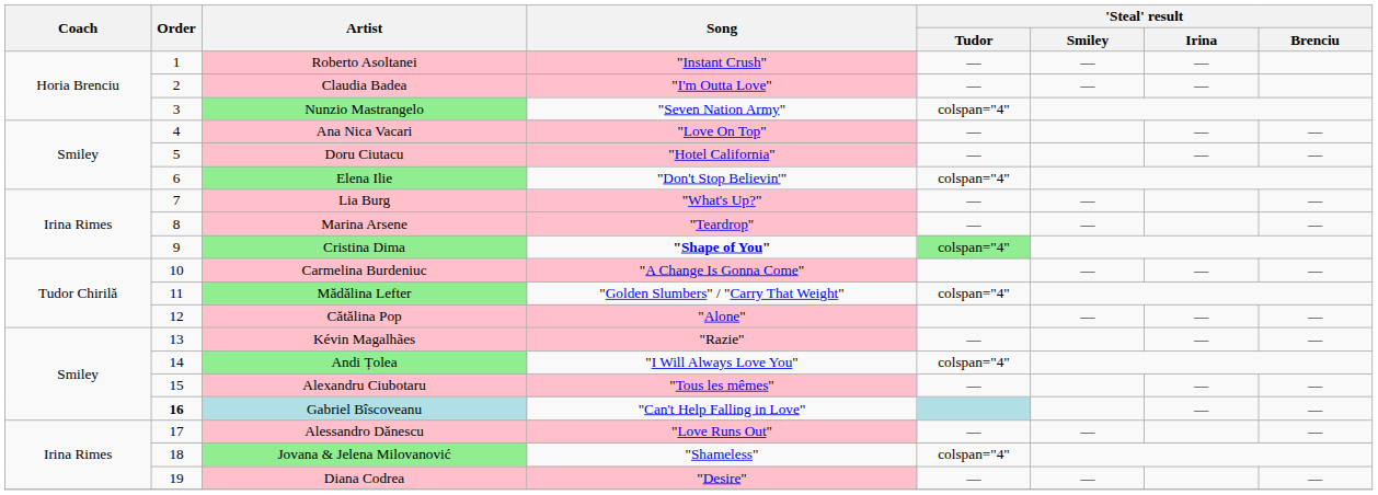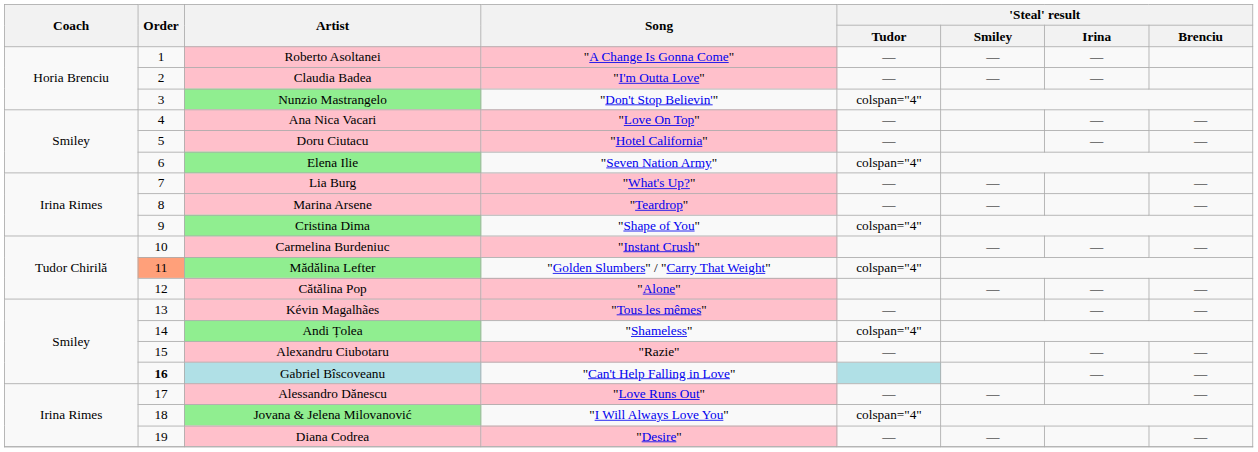 <table class="wikitable" style="text-align: center; width:95%;">
 <tr>
 <th style="width:09%;" rowspan="2">Coach</th>
 <th style="width:02%;" rowspan="2">Order</th>
 <th style="width:20%;" rowspan="2">Artist</th>
 <th style="width:24%;" rowspan="2">Song</th>
 <th colspan="4" style="width:28%;">'Steal' result</th>
 </tr>
 <tr>
 <th style="width:07%;">Tudor</th>
 <th style="width:07%;">Smiley</th>
 <th style="width:07%;">Irina</th>
 <th style="width:07%;">Brenciu</th>
 </tr>
 <tr>
 <td rowspan="3">Horia Brenciu</td>
 <td>1</td>
 <td bgcolor="pink">Roberto Asoltanei</td>
-<td bgcolor="pink">"<a href='#'>Instant Crush</a>"</td>
+<td bgcolor="pink">"<a href='#'>A Change Is Gonna Come</a>"</td>
 <td>—</td>
 <td>—</td>
 <td>—</td>
 <td></td>
 </tr>
 <tr>
 <td>2</td>
 <td bgcolor="pink">Claudia Badea</td>
 <td bgcolor="pink">"<a href='#'>I'm Outta Love</a>"</td>
 <td>—</td>
 <td>—</td>
 <td>—</td>
 <td></td>
 </tr>
 <tr>
 <td>3</td>
 <td bgcolor="lightgreen">Nunzio Mastrangelo</td>
-<td>"<a href='#'>Seven Nation Army</a>"</td>
+<td>"<a href='#'>Don't Stop Believin'</a>"</td>
 <td>colspan="4" </td>
 </tr>
 <tr>
 <td rowspan="3">Smiley</td>
 <td>4</td>
 <td bgcolor="pink">Ana Nica Vacari</td>
 <td bgcolor="pink">"<a href='#'>Love On Top</a>"</td>
 <td>—</td>
 <td></td>
 <td>—</td>
 <td>—</td>
 </tr>
 <tr>
 <td>5</td>
 <td bgcolor="pink">Doru Ciutacu</td>
 <td bgcolor="pink">"<a href='#'>Hotel California</a>"</td>
 <td>—</td>
 <td></td>
 <td>—</td>
 <td>—</td>
 </tr>
 <tr>
 <td>6</td>
 <td bgcolor="lightgreen">Elena Ilie</td>
-<td>"<a href='#'>Don't Stop Believin'</a>"</td>
+<td>"<a href='#'>Seven Nation Army</a>"</td>
 <td>colspan="4" </td>
 </tr>
 <tr>
 <td rowspan="3">Irina Rimes</td>
 <td>7</td>
 <td bgcolor="pink">Lia Burg</td>
 <td bgcolor="pink">"<a href='#'>What's Up?</a>"</td>
 <td>—</td>
 <td>—</td>
 <td></td>
 <td>—</td>
 </tr>
 <tr>
 <td>8</td>
 <td bgcolor="pink">Marina Arsene</td>
 <td bgcolor="pink">"<a href='#'>Teardrop</a>"</td>
 <td>—</td>
 <td>—</td>
 <td></td>
 <td>—</td>
 </tr>
 <tr>
 <td>9</td>
 <td bgcolor="lightgreen">Cristina Dima</td>
-<td><strong>"<a href='#'>Shape of You</a>"</strong></td>
-<td style="background: lightgreen;">colspan="4" </td>
+<td>"<a href='#'>Shape of You</a>"</td>
+<td>colspan="4" </td>
 </tr>
 <tr>
 <td rowspan="3">Tudor Chirilă</td>
 <td>10</td>
 <td bgcolor="pink">Carmelina Burdeniuc</td>
-<td bgcolor="pink">"<a href='#'>A Change Is Gonna Come</a>"</td>
+<td bgcolor="pink">"<a href='#'>Instant Crush</a>"</td>
 <td></td>
 <td>—</td>
 <td>—</td>
 <td>—</td>
 </tr>
 <tr>
-<td>11</td>
+<td style="background: lightsalmon;">11</td>
 <td bgcolor="lightgreen">Mădălina Lefter</td>
 <td>"<a href='#'>Golden Slumbers</a>" / "<a href='#'>Carry That Weight</a>"</td>
 <td>colspan="4" </td>
 </tr>
 <tr>
 <td>12</td>
 <td bgcolor="pink">Cătălina Pop</td>
 <td bgcolor="pink">"<a href='#'>Alone</a>"</td>
 <td></td>
 <td>—</td>
 <td>—</td>
 <td>—</td>
 </tr>
 <tr>
 <td rowspan="4">Smiley</td>
 <td>13</td>
 <td bgcolor="pink">Kévin Magalhães</td>
-<td bgcolor="pink">"Razie"</td>
+<td bgcolor="pink">"<a href='#'>Tous les mêmes</a>"</td>
 <td>—</td>
 <td></td>
 <td>—</td>
 <td>—</td>
 </tr>
 <tr>
 <td>14</td>
 <td bgcolor="lightgreen">Andi Țolea</td>
-<td>"<a href='#'>I Will Always Love You</a>"</td>
+<td>"<a href='#'>Shameless</a>"</td>
 <td>colspan="4" </td>
 </tr>
 <tr>
 <td>15</td>
 <td bgcolor="pink">Alexandru Ciubotaru</td>
-<td bgcolor="pink">"<a href='#'>Tous les mêmes</a>"</td>
+<td bgcolor="pink">"Razie"</td>
 <td>—</td>
 <td></td>
 <td>—</td>
 <td>—</td>
 </tr>
 <tr>
 <td><strong>16</strong></td>
 <td bgcolor="#b0e0e6">Gabriel Bîscoveanu</td>
 <td>"<a href='#'>Can't Help Falling in Love</a>"</td>
 <td bgcolor="#b0e0e6"><strong></strong></td>
 <td></td>
 <td>—</td>
 <td>—</td>
 </tr>
 <tr>
 <td rowspan="3">Irina Rimes</td>
 <td>17</td>
 <td bgcolor="pink">Alessandro Dănescu</td>
 <td bgcolor="pink">"<a href='#'>Love Runs Out</a>"</td>
 <td>—</td>
 <td>—</td>
 <td></td>
 <td>—</td>
 </tr>
 <tr>
 <td>18</td>
 <td bgcolor="lightgreen">Jovana & Jelena Milovanović</td>
-<td>"<a href='#'>Shameless</a>"</td>
+<td>"<a href='#'>I Will Always Love You</a>"</td>
 <td>colspan="4" </td>
 </tr>
 <tr>
 <td>19</td>
 <td bgcolor="pink">Diana Codrea</td>
 <td bgcolor="pink">"<a href='#'>Desire</a>"</td>
 <td>—</td>
 <td>—</td>
 <td></td>
 <td>—</td>
 </tr>
 <tr>
 </tr>
 </table>
